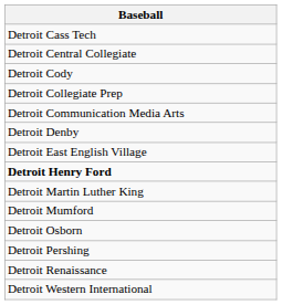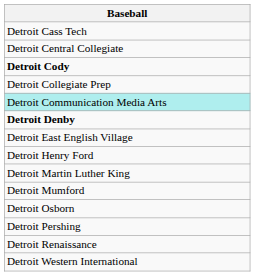 <table class="wikitable collapsible collapsed" style="width:22em">
 <tr>
 <th align=center>Baseball</th>
 </tr>
 <tr>
 <td>Detroit Cass Tech</td>
 </tr>
 <tr>
 <td>Detroit Central Collegiate</td>
 </tr>
 <tr>
-<td>Detroit Cody</td>
+<td><strong>Detroit Cody</strong></td>
 </tr>
 <tr>
 <td>Detroit Collegiate Prep</td>
 </tr>
 <tr>
-<td>Detroit Communication Media Arts</td>
+<td style="background: paleturquoise;">Detroit Communication Media Arts</td>
 </tr>
 <tr>
-<td>Detroit Denby</td>
+<td><strong>Detroit Denby</strong></td>
 </tr>
 <tr>
 <td>Detroit East English Village</td>
 </tr>
 <tr>
-<td><strong>Detroit Henry Ford</strong></td>
+<td>Detroit Henry Ford</td>
 </tr>
 <tr>
 <td>Detroit Martin Luther King</td>
 </tr>
 <tr>
 <td>Detroit Mumford</td>
 </tr>
 <tr>
 <td>Detroit Osborn</td>
 </tr>
 <tr>
 <td>Detroit Pershing</td>
 </tr>
 <tr>
 <td>Detroit Renaissance</td>
 </tr>
 <tr>
 <td>Detroit Western International</td>
 </tr>
 </table>
